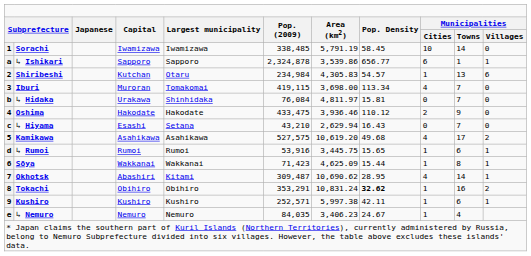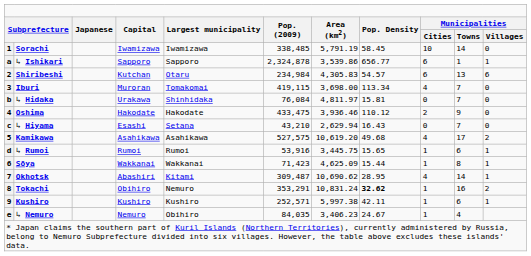 <table class="wikitable sortable">
 <tr>
 <td colspan="11" style="text-align: center; padding-left: 18%"><br>                </td>
 </tr>
 <tr>
 <th colspan="2" rowspan="2"><a href='#'>Subprefecture</a></th>
 <th rowspan="2">Japanese</th>
 <th rowspan="2">Capital</th>
 <th rowspan="2">Largest municipality</th>
 <th rowspan="2">Pop.<br>(2009)</th>
 <th rowspan="2">Area<br>(km<sup>2</sup>)</th>
 <th rowspan="2">Pop. Density</th>
 <th colspan="3"><a href='#'>Municipalities</a></th>
 </tr>
 <tr>
 <th>Cities</th>
 <th>Towns</th>
 <th>Villages</th>
 </tr>
 <tr>
 <th>1</th>
 <td><strong><a href='#'>Sorachi</a></strong></td>
 <td></td>
 <td><a href='#'>Iwamizawa</a></td>
 <td>Iwamizawa</td>
 <td align="right">338,485</td>
 <td align="right">5,791.19</td>
 <td>58.45</td>
 <td>10</td>
 <td>14</td>
 <td>0</td>
 </tr>
 <tr>
 <th>a</th>
 <td>↳ <strong><a href='#'>Ishikari</a></strong></td>
 <td></td>
 <td><a href='#'>Sapporo</a></td>
 <td>Sapporo</td>
 <td align="right">2,324,878</td>
 <td align="right">3,539.86</td>
 <td>656.77</td>
 <td>6</td>
 <td>1</td>
 <td>1</td>
 </tr>
 <tr>
 <th>2</th>
 <td><strong><a href='#'>Shiribeshi</a></strong></td>
 <td></td>
 <td><a href='#'>Kutchan</a></td>
 <td><a href='#'>Otaru</a></td>
 <td align="right">234,984</td>
 <td align="right">4,305.83</td>
 <td>54.57</td>
-<td>1</td>
+<td>6</td>
 <td>13</td>
 <td>6</td>
 </tr>
 <tr>
 <th>3</th>
 <td><strong><a href='#'>Iburi</a></strong></td>
 <td></td>
 <td><a href='#'>Muroran</a></td>
 <td><a href='#'>Tomakomai</a></td>
 <td align="right">419,115</td>
 <td align="right">3,698.00</td>
 <td>113.34</td>
 <td>4</td>
 <td>7</td>
 <td>0</td>
 </tr>
 <tr>
 <th>b</th>
 <td>↳ <strong><a href='#'>Hidaka</a></strong></td>
 <td></td>
 <td><a href='#'>Urakawa</a></td>
 <td><a href='#'>Shinhidaka</a></td>
 <td align="right">76,084</td>
 <td align="right">4,811.97</td>
 <td>15.81</td>
 <td>0</td>
 <td>7</td>
 <td>0</td>
 </tr>
 <tr>
 <th>4</th>
 <td><strong><a href='#'>Oshima</a></strong></td>
 <td></td>
 <td><a href='#'>Hakodate</a></td>
 <td>Hakodate</td>
 <td align="right">433,475</td>
 <td align="right">3,936.46</td>
 <td>110.12</td>
 <td>2</td>
 <td>9</td>
 <td>0</td>
 </tr>
 <tr>
 <th>c</th>
 <td>↳ <strong><a href='#'>Hiyama</a></strong></td>
 <td></td>
 <td><a href='#'>Esashi</a></td>
 <td><a href='#'>Setana</a></td>
 <td align="right">43,210</td>
 <td align="right">2,629.94</td>
 <td>16.43</td>
 <td>0</td>
 <td>7</td>
 <td>0</td>
 </tr>
 <tr>
 <th>5</th>
 <td><strong><a href='#'>Kamikawa</a></strong></td>
 <td></td>
 <td><a href='#'>Asahikawa</a></td>
 <td>Asahikawa</td>
 <td align="right">527,575</td>
 <td align="right">10,619.20</td>
 <td>49.68</td>
 <td>4</td>
 <td>17</td>
 <td>2</td>
 </tr>
 <tr>
 <th>d</th>
 <td>↳ <strong><a href='#'>Rumoi</a></strong></td>
 <td></td>
 <td><a href='#'>Rumoi</a></td>
 <td>Rumoi</td>
 <td align="right">53,916</td>
 <td align="right">3,445.75</td>
 <td>15.65</td>
 <td>1</td>
 <td>6</td>
 <td>1</td>
 </tr>
 <tr>
 <th>6</th>
 <td><strong><a href='#'>Sōya</a></strong></td>
 <td></td>
 <td><a href='#'>Wakkanai</a></td>
 <td>Wakkanai</td>
 <td align="right">71,423</td>
 <td align="right">4,625.09</td>
 <td>15.44</td>
 <td>1</td>
 <td>8</td>
 <td>1</td>
 </tr>
 <tr>
 <th>7</th>
 <td><strong><a href='#'>Okhotsk</a></strong></td>
 <td></td>
 <td><a href='#'>Abashiri</a></td>
 <td><a href='#'>Kitami</a></td>
 <td align="right">309,487</td>
 <td align="right">10,690.62</td>
 <td>28.95</td>
 <td>4</td>
 <td>14</td>
 <td>1</td>
 </tr>
 <tr>
 <th>8</th>
 <td><strong><a href='#'>Tokachi</a></strong></td>
 <td></td>
 <td><a href='#'>Obihiro</a></td>
-<td>Obihiro</td>
+<td>Nemuro</td>
 <td align="right">353,291</td>
 <td align="right">10,831.24</td>
 <td><strong>32.62</strong></td>
 <td>1</td>
 <td>16</td>
 <td>2</td>
 </tr>
 <tr>
 <th>9</th>
 <td><strong><a href='#'>Kushiro</a></strong></td>
 <td></td>
 <td><a href='#'>Kushiro</a></td>
 <td>Kushiro</td>
 <td align="right">252,571</td>
 <td align="right">5,997.38</td>
 <td>42.11</td>
 <td>1</td>
 <td>6</td>
 <td>1</td>
 </tr>
 <tr>
 <th>e</th>
 <td>↳ <strong><a href='#'>Nemuro</a></strong></td>
 <td></td>
 <td><a href='#'>Nemuro</a></td>
-<td>Nemuro</td>
+<td>Obihiro</td>
 <td align="right">84,035</td>
 <td align="right">3,406.23</td>
 <td>24.67</td>
 <td>1</td>
 <td>4</td>
 <td></td>
 </tr>
 <tr>
 <td colspan="11">* Japan claims the southern part of <a href='#'>Kuril Islands</a> (<a href='#'>Northern Territories</a>), currently administered by Russia, <br>belong to Nemuro Subprefecture divided into six villages. However, the table above excludes these islands' data.</td>
 </tr>
 </table>
